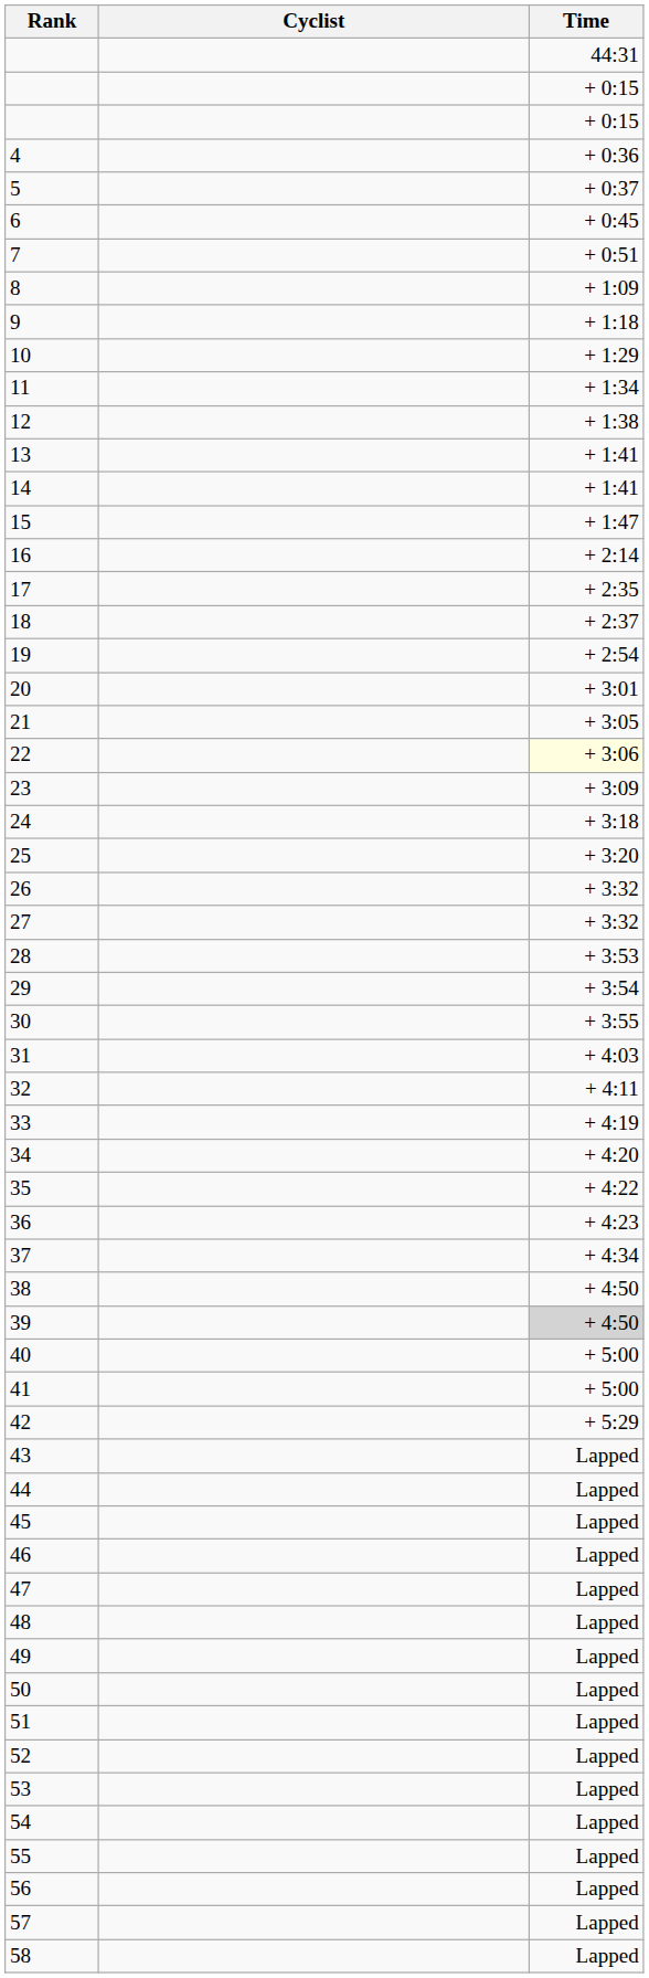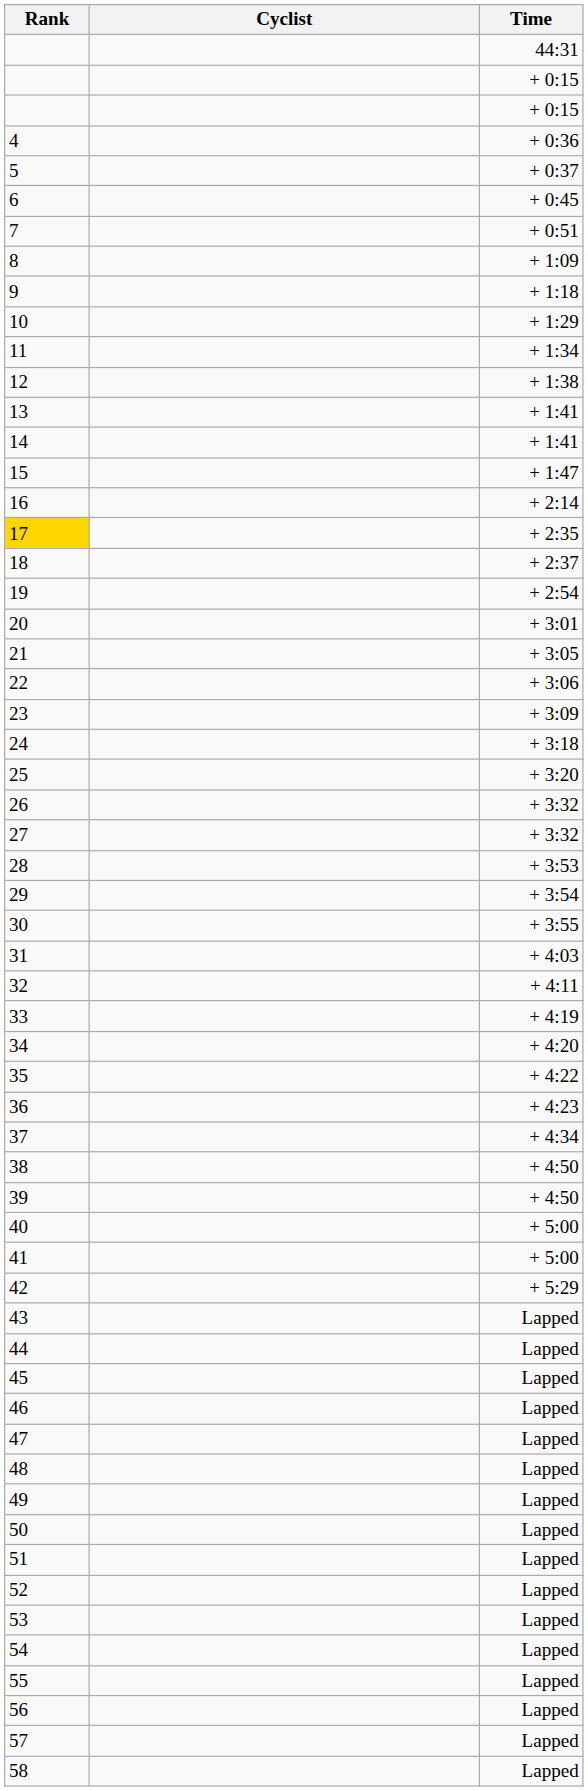 <table class="wikitable">
 <tr>
 <th style="width: 4em;">Rank</th>
 <th style="width: 20em;">Cyclist</th>
 <th style="width: 5em;">Time</th>
 </tr>
 <tr>
 <td></td>
 <td></td>
 <td align="right">44:31</td>
 </tr>
 <tr>
 <td></td>
 <td></td>
 <td align="right">+ 0:15</td>
 </tr>
 <tr>
 <td></td>
 <td></td>
 <td align="right">+ 0:15</td>
 </tr>
 <tr>
 <td>4</td>
 <td></td>
 <td align="right">+ 0:36</td>
 </tr>
 <tr>
 <td>5</td>
 <td></td>
 <td align="right">+ 0:37</td>
 </tr>
 <tr>
 <td>6</td>
 <td></td>
 <td align="right">+ 0:45</td>
 </tr>
 <tr>
 <td>7</td>
 <td></td>
 <td align="right">+ 0:51</td>
 </tr>
 <tr>
 <td>8</td>
 <td></td>
 <td align="right">+ 1:09</td>
 </tr>
 <tr>
 <td>9</td>
 <td></td>
 <td align="right">+ 1:18</td>
 </tr>
 <tr>
 <td>10</td>
 <td></td>
 <td align="right">+ 1:29</td>
 </tr>
 <tr>
 <td>11</td>
 <td></td>
 <td align="right">+ 1:34</td>
 </tr>
 <tr>
 <td>12</td>
 <td></td>
 <td align="right">+ 1:38</td>
 </tr>
 <tr>
 <td>13</td>
 <td></td>
 <td align="right">+ 1:41</td>
 </tr>
 <tr>
 <td>14</td>
 <td></td>
 <td align="right">+ 1:41</td>
 </tr>
 <tr>
 <td>15</td>
 <td></td>
 <td align="right">+ 1:47</td>
 </tr>
 <tr>
 <td>16</td>
 <td></td>
 <td align="right">+ 2:14</td>
 </tr>
 <tr>
-<td>17</td>
+<td style="background: gold;">17</td>
 <td></td>
 <td align="right">+ 2:35</td>
 </tr>
 <tr>
 <td>18</td>
 <td></td>
 <td align="right">+ 2:37</td>
 </tr>
 <tr>
 <td>19</td>
 <td></td>
 <td align="right">+ 2:54</td>
 </tr>
 <tr>
 <td>20</td>
 <td></td>
 <td align="right">+ 3:01</td>
 </tr>
 <tr>
 <td>21</td>
 <td></td>
 <td align="right">+ 3:05</td>
 </tr>
 <tr>
 <td>22</td>
 <td></td>
-<td align="right" style="background: lightyellow;">+ 3:06</td>
+<td align="right">+ 3:06</td>
 </tr>
 <tr>
 <td>23</td>
 <td></td>
 <td align="right">+ 3:09</td>
 </tr>
 <tr>
 <td>24</td>
 <td></td>
 <td align="right">+ 3:18</td>
 </tr>
 <tr>
 <td>25</td>
 <td></td>
 <td align="right">+ 3:20</td>
 </tr>
 <tr>
 <td>26</td>
 <td></td>
 <td align="right">+ 3:32</td>
 </tr>
 <tr>
 <td>27</td>
 <td></td>
 <td align="right">+ 3:32</td>
 </tr>
 <tr>
 <td>28</td>
 <td></td>
 <td align="right">+ 3:53</td>
 </tr>
 <tr>
 <td>29</td>
 <td></td>
 <td align="right">+ 3:54</td>
 </tr>
 <tr>
 <td>30</td>
 <td></td>
 <td align="right">+ 3:55</td>
 </tr>
 <tr>
 <td>31</td>
 <td></td>
 <td align="right">+ 4:03</td>
 </tr>
 <tr>
 <td>32</td>
 <td></td>
 <td align="right">+ 4:11</td>
 </tr>
 <tr>
 <td>33</td>
 <td></td>
 <td align="right">+ 4:19</td>
 </tr>
 <tr>
 <td>34</td>
 <td></td>
 <td align="right">+ 4:20</td>
 </tr>
 <tr>
 <td>35</td>
 <td></td>
 <td align="right">+ 4:22</td>
 </tr>
 <tr>
 <td>36</td>
 <td></td>
 <td align="right">+ 4:23</td>
 </tr>
 <tr>
 <td>37</td>
 <td></td>
 <td align="right">+ 4:34</td>
 </tr>
 <tr>
 <td>38</td>
 <td></td>
 <td align="right">+ 4:50</td>
 </tr>
 <tr>
 <td>39</td>
 <td></td>
-<td align="right" style="background: lightgrey;">+ 4:50</td>
+<td align="right">+ 4:50</td>
 </tr>
 <tr>
 <td>40</td>
 <td></td>
 <td align="right">+ 5:00</td>
 </tr>
 <tr>
 <td>41</td>
 <td></td>
 <td align="right">+ 5:00</td>
 </tr>
 <tr>
 <td>42</td>
 <td></td>
 <td align="right">+ 5:29</td>
 </tr>
 <tr>
 <td>43</td>
 <td></td>
 <td align="right">Lapped</td>
 </tr>
 <tr>
 <td>44</td>
 <td></td>
 <td align="right">Lapped</td>
 </tr>
 <tr>
 <td>45</td>
 <td></td>
 <td align="right">Lapped</td>
 </tr>
 <tr>
 <td>46</td>
 <td></td>
 <td align="right">Lapped</td>
 </tr>
 <tr>
 <td>47</td>
 <td></td>
 <td align="right">Lapped</td>
 </tr>
 <tr>
 <td>48</td>
 <td></td>
 <td align="right">Lapped</td>
 </tr>
 <tr>
 <td>49</td>
 <td></td>
 <td align="right">Lapped</td>
 </tr>
 <tr>
 <td>50</td>
 <td></td>
 <td align="right">Lapped</td>
 </tr>
 <tr>
 <td>51</td>
 <td></td>
 <td align="right">Lapped</td>
 </tr>
 <tr>
 <td>52</td>
 <td></td>
 <td align="right">Lapped</td>
 </tr>
 <tr>
 <td>53</td>
 <td></td>
 <td align="right">Lapped</td>
 </tr>
 <tr>
 <td>54</td>
 <td></td>
 <td align="right">Lapped</td>
 </tr>
 <tr>
 <td>55</td>
 <td></td>
 <td align="right">Lapped</td>
 </tr>
 <tr>
 <td>56</td>
 <td></td>
 <td align="right">Lapped</td>
 </tr>
 <tr>
 <td>57</td>
 <td></td>
 <td align="right">Lapped</td>
 </tr>
 <tr>
 <td>58</td>
 <td></td>
 <td align="right">Lapped</td>
 </tr>
 </table>
